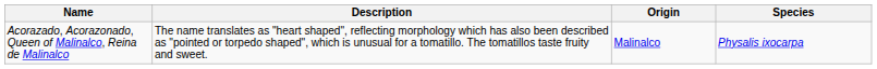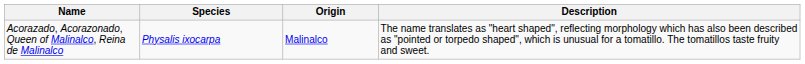 <table class="wikitable sortable" style="width:100%; height:auto;">
 <tr>
 <th style="width:17%;">Name</th>
+<th style="width:18%;">Species</th>
+<th style="width:12%;">Origin</th>
 <th style="width:53%;" class="unsortable">Description</th>
-<th style="width:12%;">Origin</th>
-<th style="width:18%;">Species</th>
 </tr>
 <tr>
 <td><em>Acorazado</em>, <em>Acorazonado</em>, <em>Queen of <a href='#'>Malinalco</a></em>, <em>Reina de <a href='#'>Malinalco</a></em></td>
+<td><em><a href='#'>Physalis ixocarpa</a></em></td>
+<td><a href='#'>Malinalco</a></td>
 <td>The name translates as "heart shaped", reflecting morphology which has also been described as "pointed or torpedo shaped", which is unusual for a tomatillo. The tomatillos taste fruity and sweet.</td>
-<td><a href='#'>Malinalco</a></td>
-<td><em><a href='#'>Physalis ixocarpa</a></em></td>
 </tr>
 </table>
